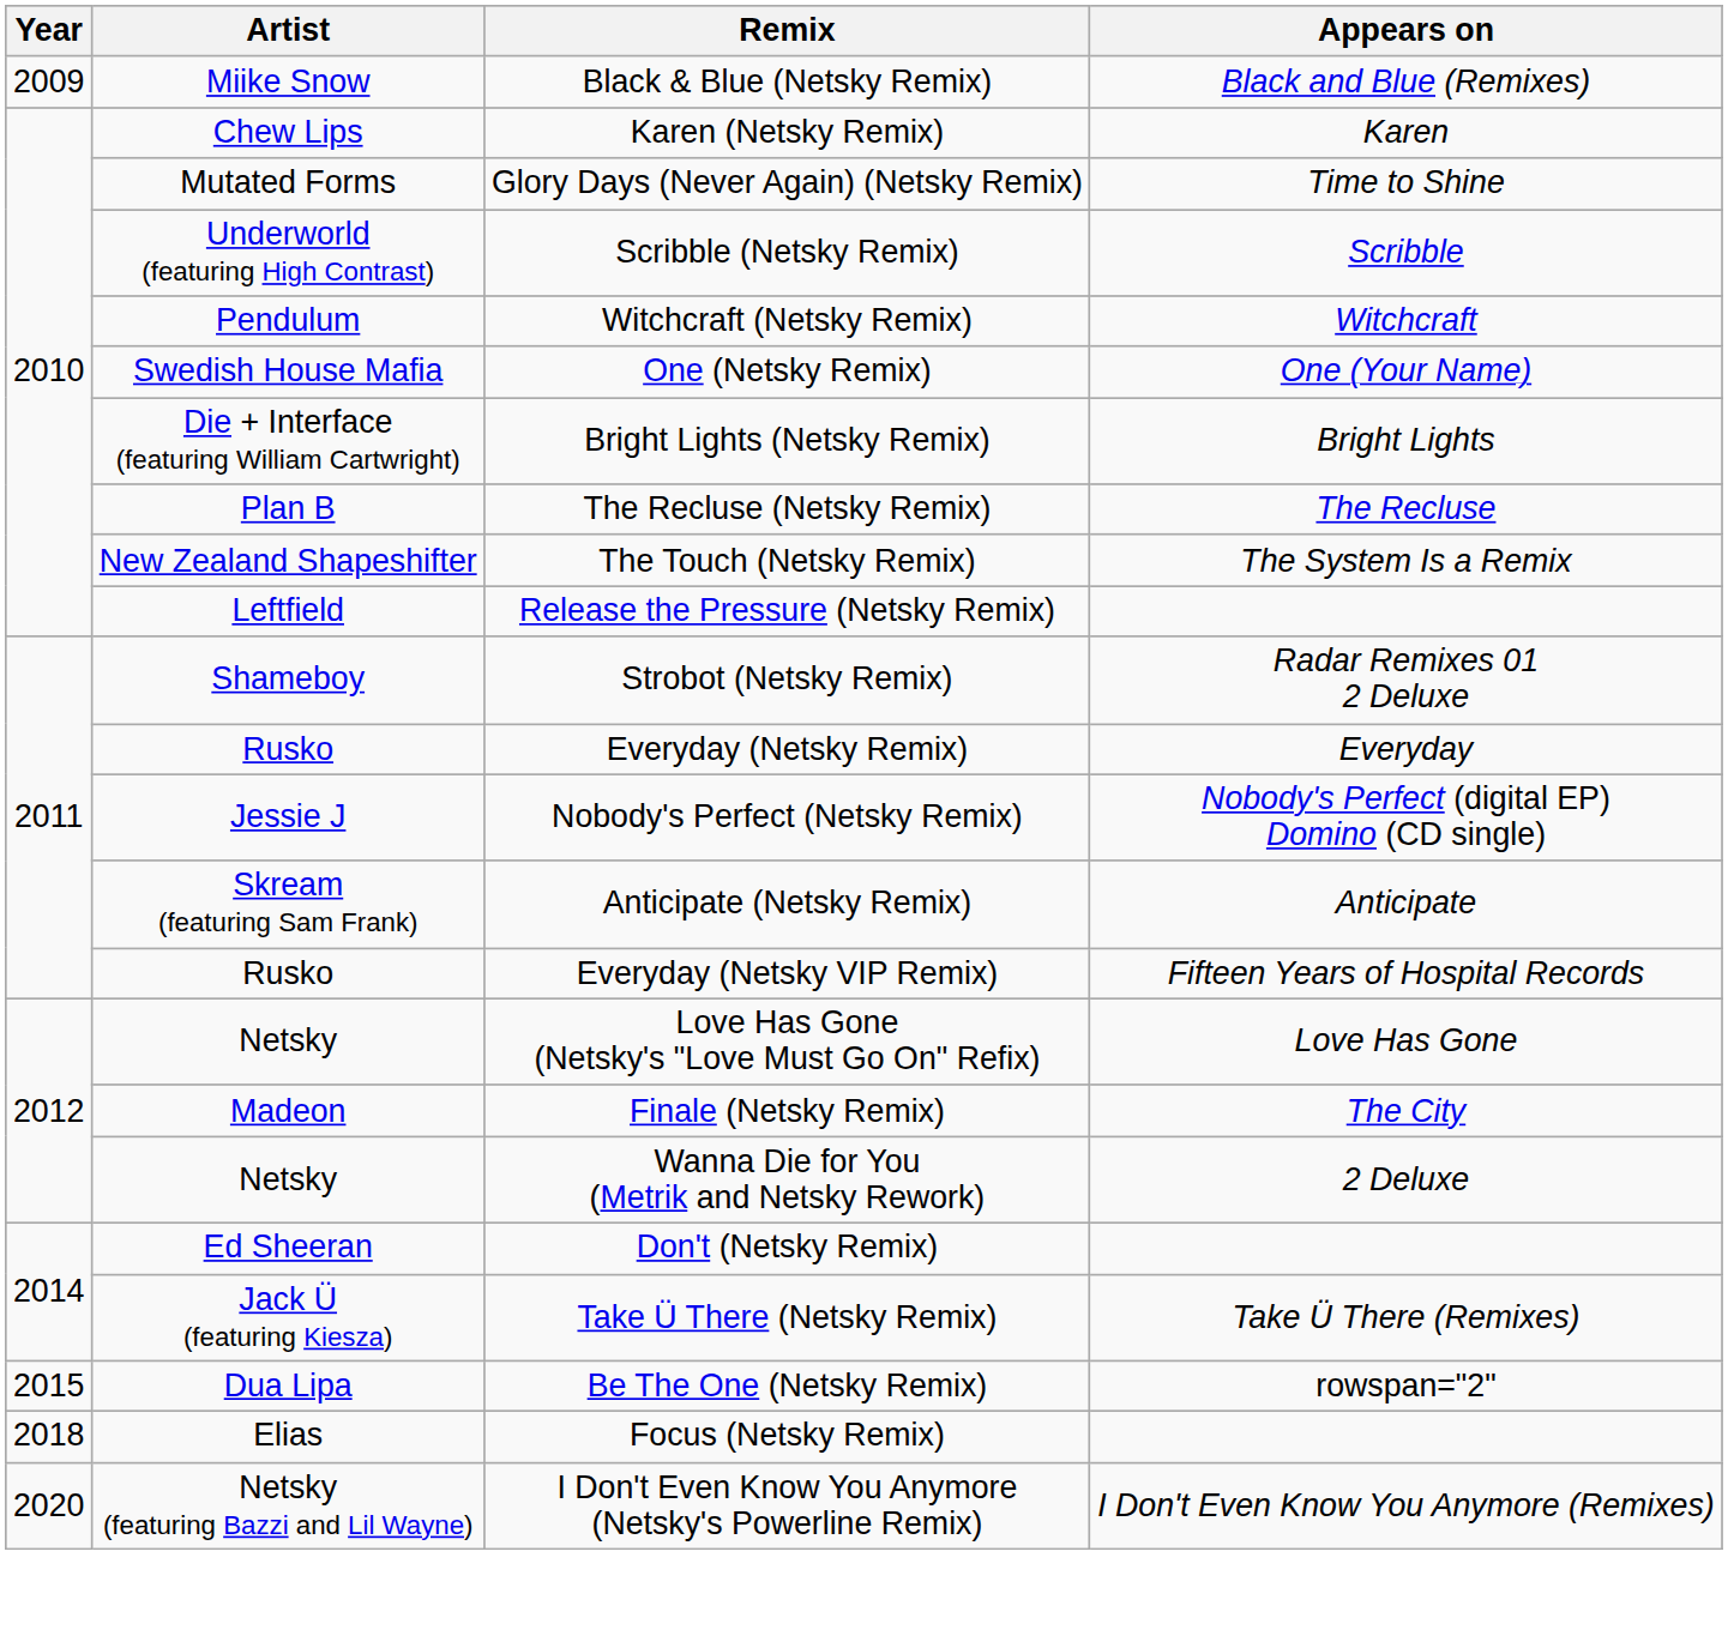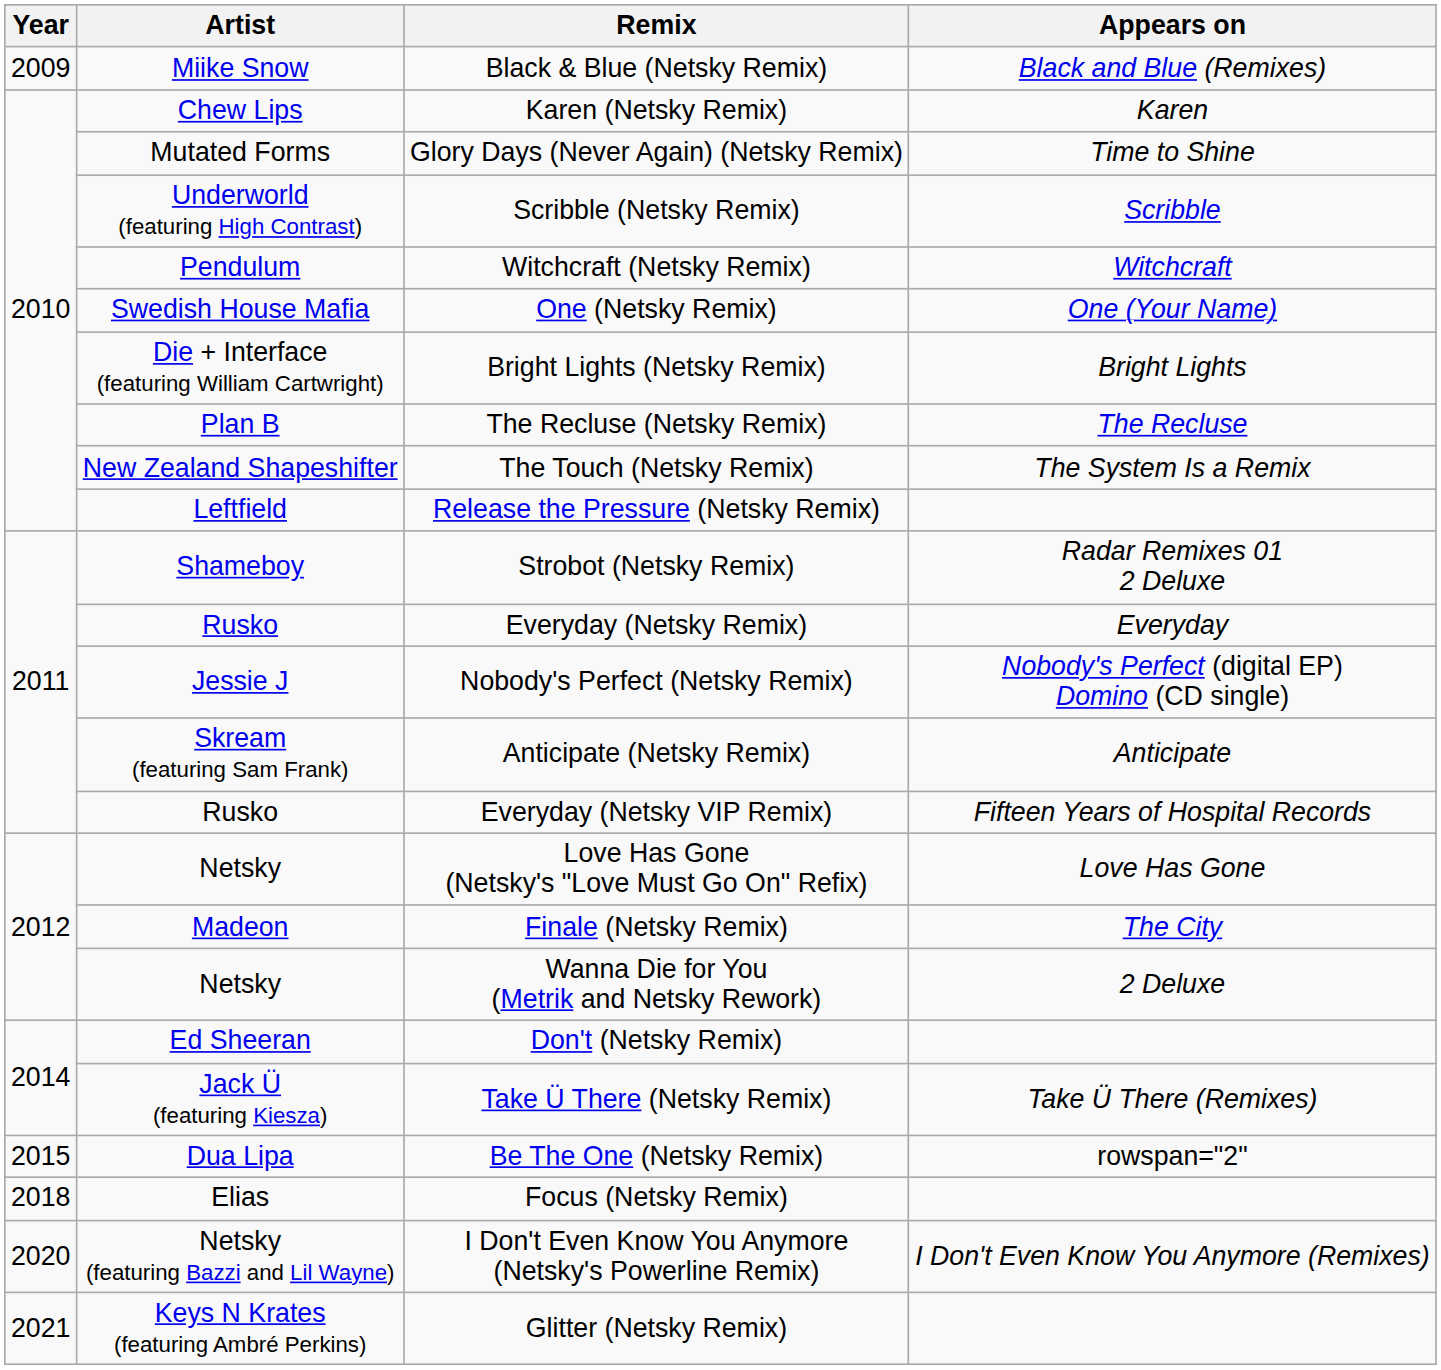 <table class="wikitable plainrowheaders" style="text-align:center;">
 <tr>
 <th scope="col">Year</th>
 <th scope="col">Artist</th>
 <th scope="col">Remix</th>
 <th scope="col">Appears on</th>
 </tr>
 <tr>
 <td>2009</td>
 <td><a href='#'>Miike Snow</a></td>
 <td>Black & Blue (Netsky Remix)</td>
 <td><em><a href='#'>Black and Blue</a> (Remixes)</em></td>
 </tr>
 <tr>
 <td rowspan="9">2010</td>
 <td><a href='#'>Chew Lips</a></td>
 <td>Karen (Netsky Remix)</td>
 <td><em>Karen</em></td>
 </tr>
 <tr>
 <td>Mutated Forms</td>
 <td>Glory Days (Never Again) (Netsky Remix)</td>
 <td><em>Time to Shine</em></td>
 </tr>
 <tr>
 <td><a href='#'>Underworld</a><br><small>(featuring <a href='#'>High Contrast</a>)</small></td>
 <td>Scribble (Netsky Remix)</td>
 <td><em><a href='#'>Scribble</a></em></td>
 </tr>
 <tr>
 <td><a href='#'>Pendulum</a></td>
 <td>Witchcraft (Netsky Remix)</td>
 <td><em><a href='#'>Witchcraft</a></em></td>
 </tr>
 <tr>
 <td><a href='#'>Swedish House Mafia</a></td>
 <td><a href='#'>One</a> (Netsky Remix)</td>
 <td><em><a href='#'>One (Your Name)</a></em></td>
 </tr>
 <tr>
 <td><a href='#'>Die</a> + Interface<br><small>(featuring William Cartwright)</small></td>
 <td>Bright Lights (Netsky Remix)</td>
 <td><em>Bright Lights</em></td>
 </tr>
 <tr>
 <td><a href='#'>Plan B</a></td>
 <td>The Recluse (Netsky Remix)</td>
 <td><em><a href='#'>The Recluse</a></em></td>
 </tr>
 <tr>
 <td><a href='#'>New Zealand Shapeshifter</a></td>
 <td>The Touch (Netsky Remix)</td>
 <td><em>The System Is a Remix</em></td>
 </tr>
 <tr>
 <td><a href='#'>Leftfield</a></td>
 <td><a href='#'>Release the Pressure</a> (Netsky Remix)</td>
 <td></td>
 </tr>
 <tr>
 <td rowspan="5">2011</td>
 <td><a href='#'>Shameboy</a></td>
 <td>Strobot (Netsky Remix)</td>
 <td><em>Radar Remixes 01</em><br><em>2 Deluxe</em></td>
 </tr>
 <tr>
 <td><a href='#'>Rusko</a></td>
 <td>Everyday (Netsky Remix)</td>
 <td><em>Everyday</em></td>
 </tr>
 <tr>
 <td><a href='#'>Jessie J</a></td>
 <td>Nobody's Perfect (Netsky Remix)</td>
 <td><em><a href='#'>Nobody's Perfect</a></em> (digital EP)<br><em><a href='#'>Domino</a></em> (CD single)</td>
 </tr>
 <tr>
 <td><a href='#'>Skream</a><br><small>(featuring Sam Frank)</small></td>
 <td>Anticipate (Netsky Remix)</td>
 <td><em>Anticipate</em></td>
 </tr>
 <tr>
 <td>Rusko</td>
 <td>Everyday (Netsky VIP Remix)</td>
 <td><em>Fifteen Years of Hospital Records</em></td>
 </tr>
 <tr>
 <td rowspan="3">2012</td>
 <td>Netsky</td>
 <td>Love Has Gone<br>(Netsky's "Love Must Go On" Refix)</td>
 <td><em>Love Has Gone</em></td>
 </tr>
 <tr>
 <td><a href='#'>Madeon</a></td>
 <td><a href='#'>Finale</a> (Netsky Remix)</td>
 <td><em><a href='#'>The City</a></em></td>
 </tr>
 <tr>
 <td>Netsky</td>
 <td>Wanna Die for You<br>(<a href='#'>Metrik</a> and Netsky Rework)</td>
 <td><em>2 Deluxe</em></td>
 </tr>
 <tr>
 <td rowspan="2">2014</td>
 <td><a href='#'>Ed Sheeran</a></td>
 <td><a href='#'>Don't</a> (Netsky Remix)</td>
 <td></td>
 </tr>
 <tr>
 <td><a href='#'>Jack Ü</a> <br><small>(featuring <a href='#'>Kiesza</a>)</small></td>
 <td><a href='#'>Take Ü There</a> (Netsky Remix)</td>
 <td><em>Take Ü There (Remixes)</em></td>
 </tr>
 <tr>
 <td>2015</td>
 <td><a href='#'>Dua Lipa</a></td>
 <td><a href='#'>Be The One</a> (Netsky Remix)</td>
 <td>rowspan="2" </td>
 </tr>
 <tr>
 <td>2018</td>
 <td>Elias</td>
 <td>Focus (Netsky Remix)</td>
 </tr>
 <tr>
 <td>2020</td>
 <td>Netsky <br><small>(featuring <a href='#'>Bazzi</a> and <a href='#'>Lil Wayne</a>)</small></td>
 <td>I Don't Even Know You Anymore <br>(Netsky's Powerline Remix)</td>
 <td><em>I Don't Even Know You Anymore (Remixes)</em></td>
 </tr>
+<tr>
+<td>2021</td>
+<td><a href='#'>Keys N Krates</a> <br><small>(featuring Ambré Perkins)</small></td>
+<td>Glitter (Netsky Remix)</td>
+<td></td>
+</tr>
 </table>
